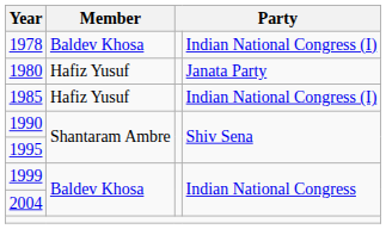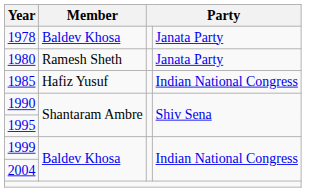 <table class="wikitable">
 <tr>
 <th>Year</th>
 <th>Member</th>
 <th colspan="2">Party</th>
 </tr>
 <tr>
 <td><a href='#'>1978</a></td>
 <td><a href='#'>Baldev Khosa</a></td>
 <td style="background-color: "></td>
-<td><a href='#'>Indian National Congress (I)</a></td>
+<td><a href='#'>Janata Party</a></td>
 </tr>
 <tr>
 <td><a href='#'>1980</a></td>
-<td>Hafiz Yusuf</td>
+<td>Ramesh Sheth</td>
 <td style="background-color: "></td>
 <td><a href='#'>Janata Party</a></td>
 </tr>
 <tr>
 <td><a href='#'>1985</a></td>
 <td>Hafiz Yusuf</td>
 <td style="background-color: "></td>
-<td><a href='#'>Indian National Congress (I)</a></td>
+<td><a href='#'>Indian National Congress</a></td>
 </tr>
 <tr>
 <td><a href='#'>1990</a></td>
 <td rowspan="2">Shantaram Ambre</td>
 <td rowspan="2" style="background-color: "></td>
 <td rowspan="2"><a href='#'>Shiv Sena</a></td>
 </tr>
 <tr>
 <td><a href='#'>1995</a></td>
 </tr>
 <tr>
 <td><a href='#'>1999</a></td>
 <td rowspan="2"><a href='#'>Baldev Khosa</a></td>
 <td rowspan="2" style="background-color: "></td>
 <td rowspan="2"><a href='#'>Indian National Congress</a></td>
 </tr>
 <tr>
 <td><a href='#'>2004</a></td>
 </tr>
 <tr>
 <td colspan="4"></td>
 </tr>
 </table>
